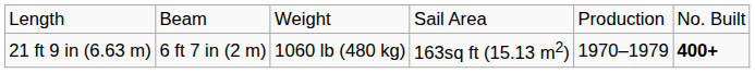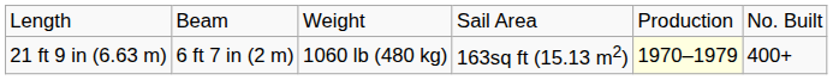 <table class="wikitable">
 <tr>
 <td>Length</td>
 <td>Beam</td>
 <td>Weight</td>
 <td>Sail Area</td>
 <td>Production</td>
 <td>No. Built</td>
 </tr>
 <tr>
 <td>21 ft 9 in (6.63 m)</td>
 <td>6 ft 7 in (2 m)</td>
 <td>1060 lb (480 kg)</td>
 <td>163sq ft (15.13 m<sup>2</sup>)</td>
-<td>1970–1979</td>
-<td><strong>400+</strong></td>
+<td style="background: lightyellow;">1970–1979</td>
+<td>400+</td>
 </tr>
 </table>
